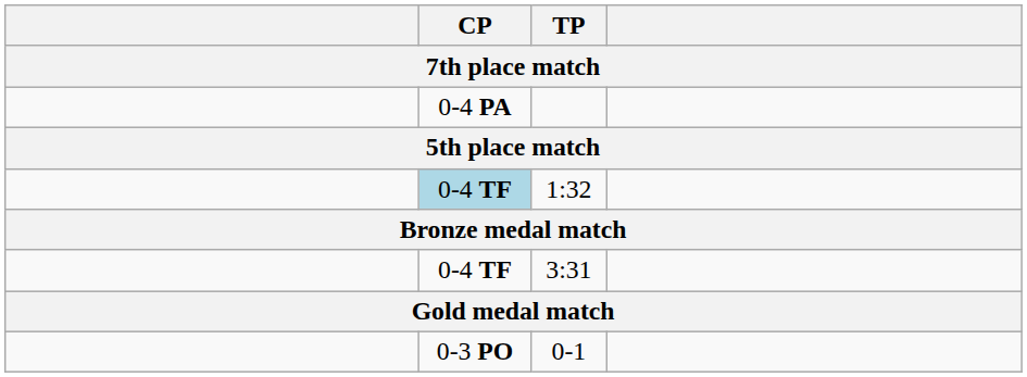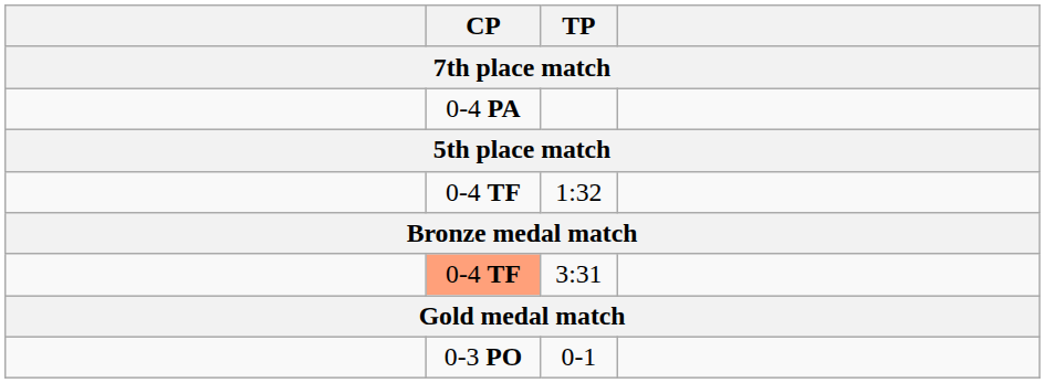 <table class="wikitable" style="text-align: center;" |>
 <tr>
 <th width="250"></th>
 <th width="62">CP</th>
 <th width="40">TP</th>
 <th width="250"></th>
 </tr>
 <tr>
 <th colspan="5">7th place match</th>
 </tr>
 <tr>
 <td style="text-align:left;"></td>
 <td>0-4 <strong>PA</strong></td>
 <td></td>
 <td style="text-align:left;"><strong></strong></td>
 </tr>
 <tr>
 <th colspan="5">5th place match</th>
 </tr>
 <tr>
 <td style="text-align:left;"></td>
-<td style="background: lightblue;">0-4 <strong>TF</strong></td>
+<td>0-4 <strong>TF</strong></td>
 <td>1:32</td>
 <td style="text-align:left;"><strong></strong></td>
 </tr>
 <tr>
 <th colspan="5">Bronze medal match</th>
 </tr>
 <tr>
 <td style="text-align:left;"></td>
-<td>0-4 <strong>TF</strong></td>
+<td style="background: lightsalmon;">0-4 <strong>TF</strong></td>
 <td>3:31</td>
 <td style="text-align:left;"><strong></strong></td>
 </tr>
 <tr>
 <th colspan="5">Gold medal match</th>
 </tr>
 <tr>
 <td style="text-align:left;"></td>
 <td>0-3 <strong>PO</strong></td>
 <td>0-1</td>
 <td style="text-align:left;"><strong></strong></td>
 </tr>
 </table>
